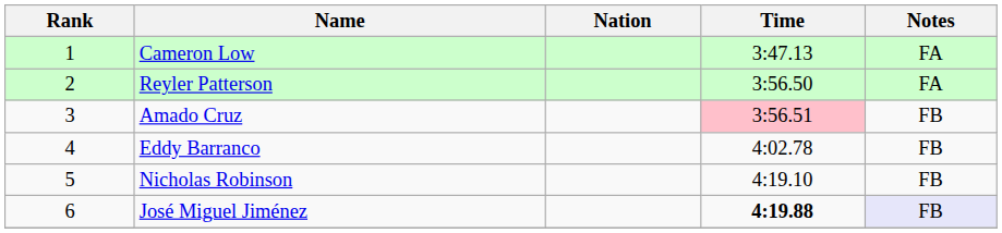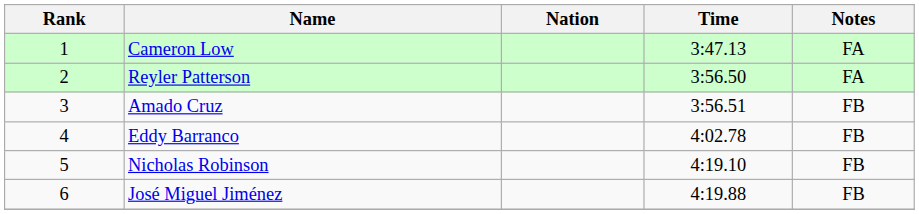 <table class="wikitable sortable" style="text-align:center" width=50%>
 <tr>
 <th>Rank</th>
 <th>Name</th>
 <th>Nation</th>
 <th>Time</th>
 <th>Notes</th>
 </tr>
 <tr bgcolor=ccffcc>
 <td>1</td>
 <td align=left><a href='#'>Cameron Low</a></td>
 <td align=left></td>
 <td>3:47.13</td>
 <td>FA</td>
 </tr>
 <tr bgcolor=ccffcc>
 <td>2</td>
 <td align=left><a href='#'>Reyler Patterson</a></td>
 <td align=left></td>
 <td>3:56.50</td>
 <td>FA</td>
 </tr>
 <tr>
 <td>3</td>
 <td align=left><a href='#'>Amado Cruz</a></td>
 <td align=left></td>
-<td style="background: pink;">3:56.51</td>
+<td>3:56.51</td>
 <td>FB</td>
 </tr>
 <tr>
 <td>4</td>
 <td align=left><a href='#'>Eddy Barranco</a></td>
 <td align=left></td>
 <td>4:02.78</td>
 <td>FB</td>
 </tr>
 <tr>
 <td>5</td>
 <td align=left><a href='#'>Nicholas Robinson</a></td>
 <td align=left></td>
 <td>4:19.10</td>
 <td>FB</td>
 </tr>
 <tr>
 <td>6</td>
 <td align=left><a href='#'>José Miguel Jiménez</a></td>
 <td align=left></td>
-<td><strong>4:19.88</strong></td>
-<td style="background: lavender;">FB</td>
+<td>4:19.88</td>
+<td>FB</td>
 </tr>
 <tr>
 </tr>
 </table>
